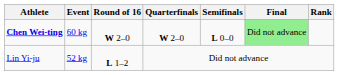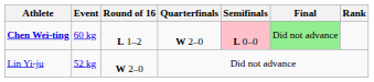 <table class="wikitable" style="text-align:center; font-size:90%">
 <tr>
 <th>Athlete</th>
 <th>Event</th>
 <th>Round of 16</th>
 <th>Quarterfinals</th>
 <th>Semifinals</th>
 <th>Final</th>
 <th>Rank</th>
 </tr>
 <tr>
 <td align="left"><strong><a href='#'>Chen Wei-ting</a></strong></td>
 <td align="left"><a href='#'>60 kg</a></td>
+<td><br><strong>L</strong> 1–2</td>
 <td><br><strong>W</strong> 2–0</td>
-<td><br><strong>W</strong> 2–0</td>
-<td><br><strong>L</strong> 0–0</td>
+<td style="background: pink;"><br><strong>L</strong> 0–0</td>
 <td style="background: lightgreen;">Did not advance</td>
 <td></td>
 </tr>
 <tr>
 <td align="left"><a href='#'>Lin Yi-ju</a></td>
 <td align="left"><a href='#'>52 kg</a></td>
-<td><br><strong>L</strong> 1–2</td>
+<td><br><strong>W</strong> 2–0</td>
 <td colspan="4">Did not advance</td>
 </tr>
 </table>
